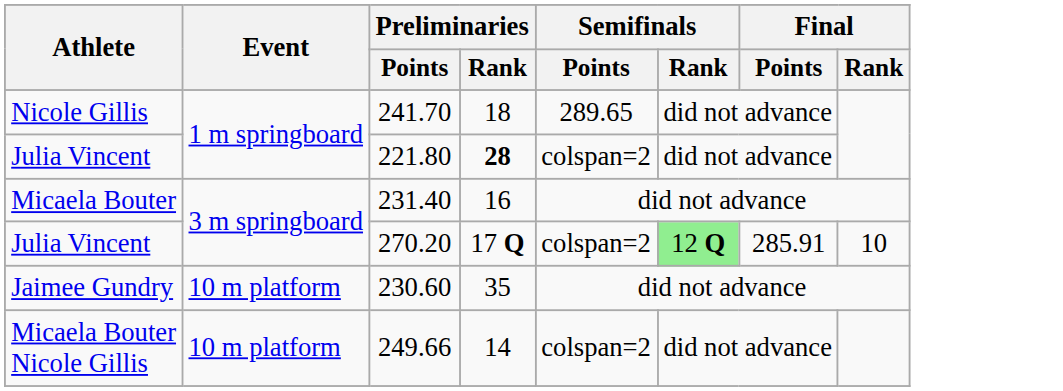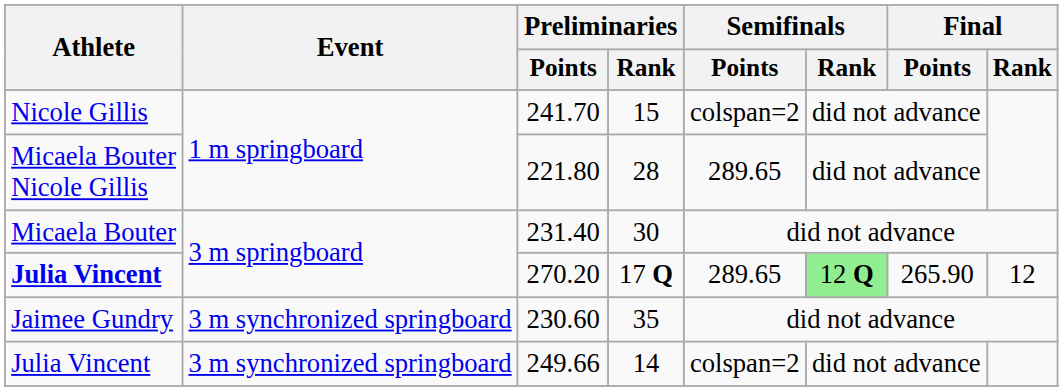 <table class=wikitable style="font-size:90%;">
 <tr>
 <th rowspan="2">Athlete</th>
 <th rowspan="2">Event</th>
 <th colspan="2">Preliminaries</th>
 <th colspan="2">Semifinals</th>
 <th colspan="2">Final</th>
 </tr>
 <tr style="font-size:95%">
 <th>Points</th>
 <th>Rank</th>
 <th>Points</th>
 <th>Rank</th>
 <th>Points</th>
 <th>Rank</th>
 </tr>
 <tr align=center>
 <td align=left><a href='#'>Nicole Gillis</a></td>
 <td align=left rowspan=2><a href='#'>1 m springboard</a></td>
 <td>241.70</td>
-<td>18</td>
-<td>289.65</td>
+<td>15</td>
+<td>colspan=2 </td>
 <td colspan=2>did not advance</td>
 </tr>
 <tr align=center>
-<td align=left><a href='#'>Julia Vincent</a></td>
+<td align=left><a href='#'>Micaela Bouter</a><br><a href='#'>Nicole Gillis</a></td>
 <td>221.80</td>
-<td><strong>28</strong></td>
-<td>colspan=2 </td>
+<td>28</td>
+<td>289.65</td>
 <td colspan=2>did not advance</td>
 </tr>
 <tr align=center>
 <td align=left><a href='#'>Micaela Bouter</a></td>
 <td align=left rowspan=2><a href='#'>3 m springboard</a></td>
 <td>231.40</td>
-<td>16</td>
+<td>30</td>
 <td colspan=4>did not advance</td>
 </tr>
 <tr align=center>
-<td align=left><a href='#'>Julia Vincent</a></td>
+<td align=left><strong><a href='#'>Julia Vincent</a></strong></td>
 <td>270.20</td>
 <td>17 <strong>Q</strong></td>
-<td>colspan=2 </td>
+<td>289.65</td>
 <td style="background: lightgreen;">12 <strong>Q</strong></td>
-<td>285.91</td>
-<td>10</td>
+<td>265.90</td>
+<td>12</td>
 </tr>
 <tr align=center>
 <td align=left><a href='#'>Jaimee Gundry</a></td>
-<td align=left><a href='#'>10 m platform</a></td>
+<td align=left><a href='#'>3 m synchronized springboard</a></td>
 <td>230.60</td>
 <td>35</td>
 <td colspan=4>did not advance</td>
 </tr>
 <tr align=center>
-<td align=left><a href='#'>Micaela Bouter</a><br><a href='#'>Nicole Gillis</a></td>
-<td align=left><a href='#'>10 m platform</a></td>
+<td align=left><a href='#'>Julia Vincent</a></td>
+<td align=left><a href='#'>3 m synchronized springboard</a></td>
 <td>249.66</td>
 <td>14</td>
 <td>colspan=2 </td>
 <td colspan=2>did not advance</td>
 </tr>
 </table>
